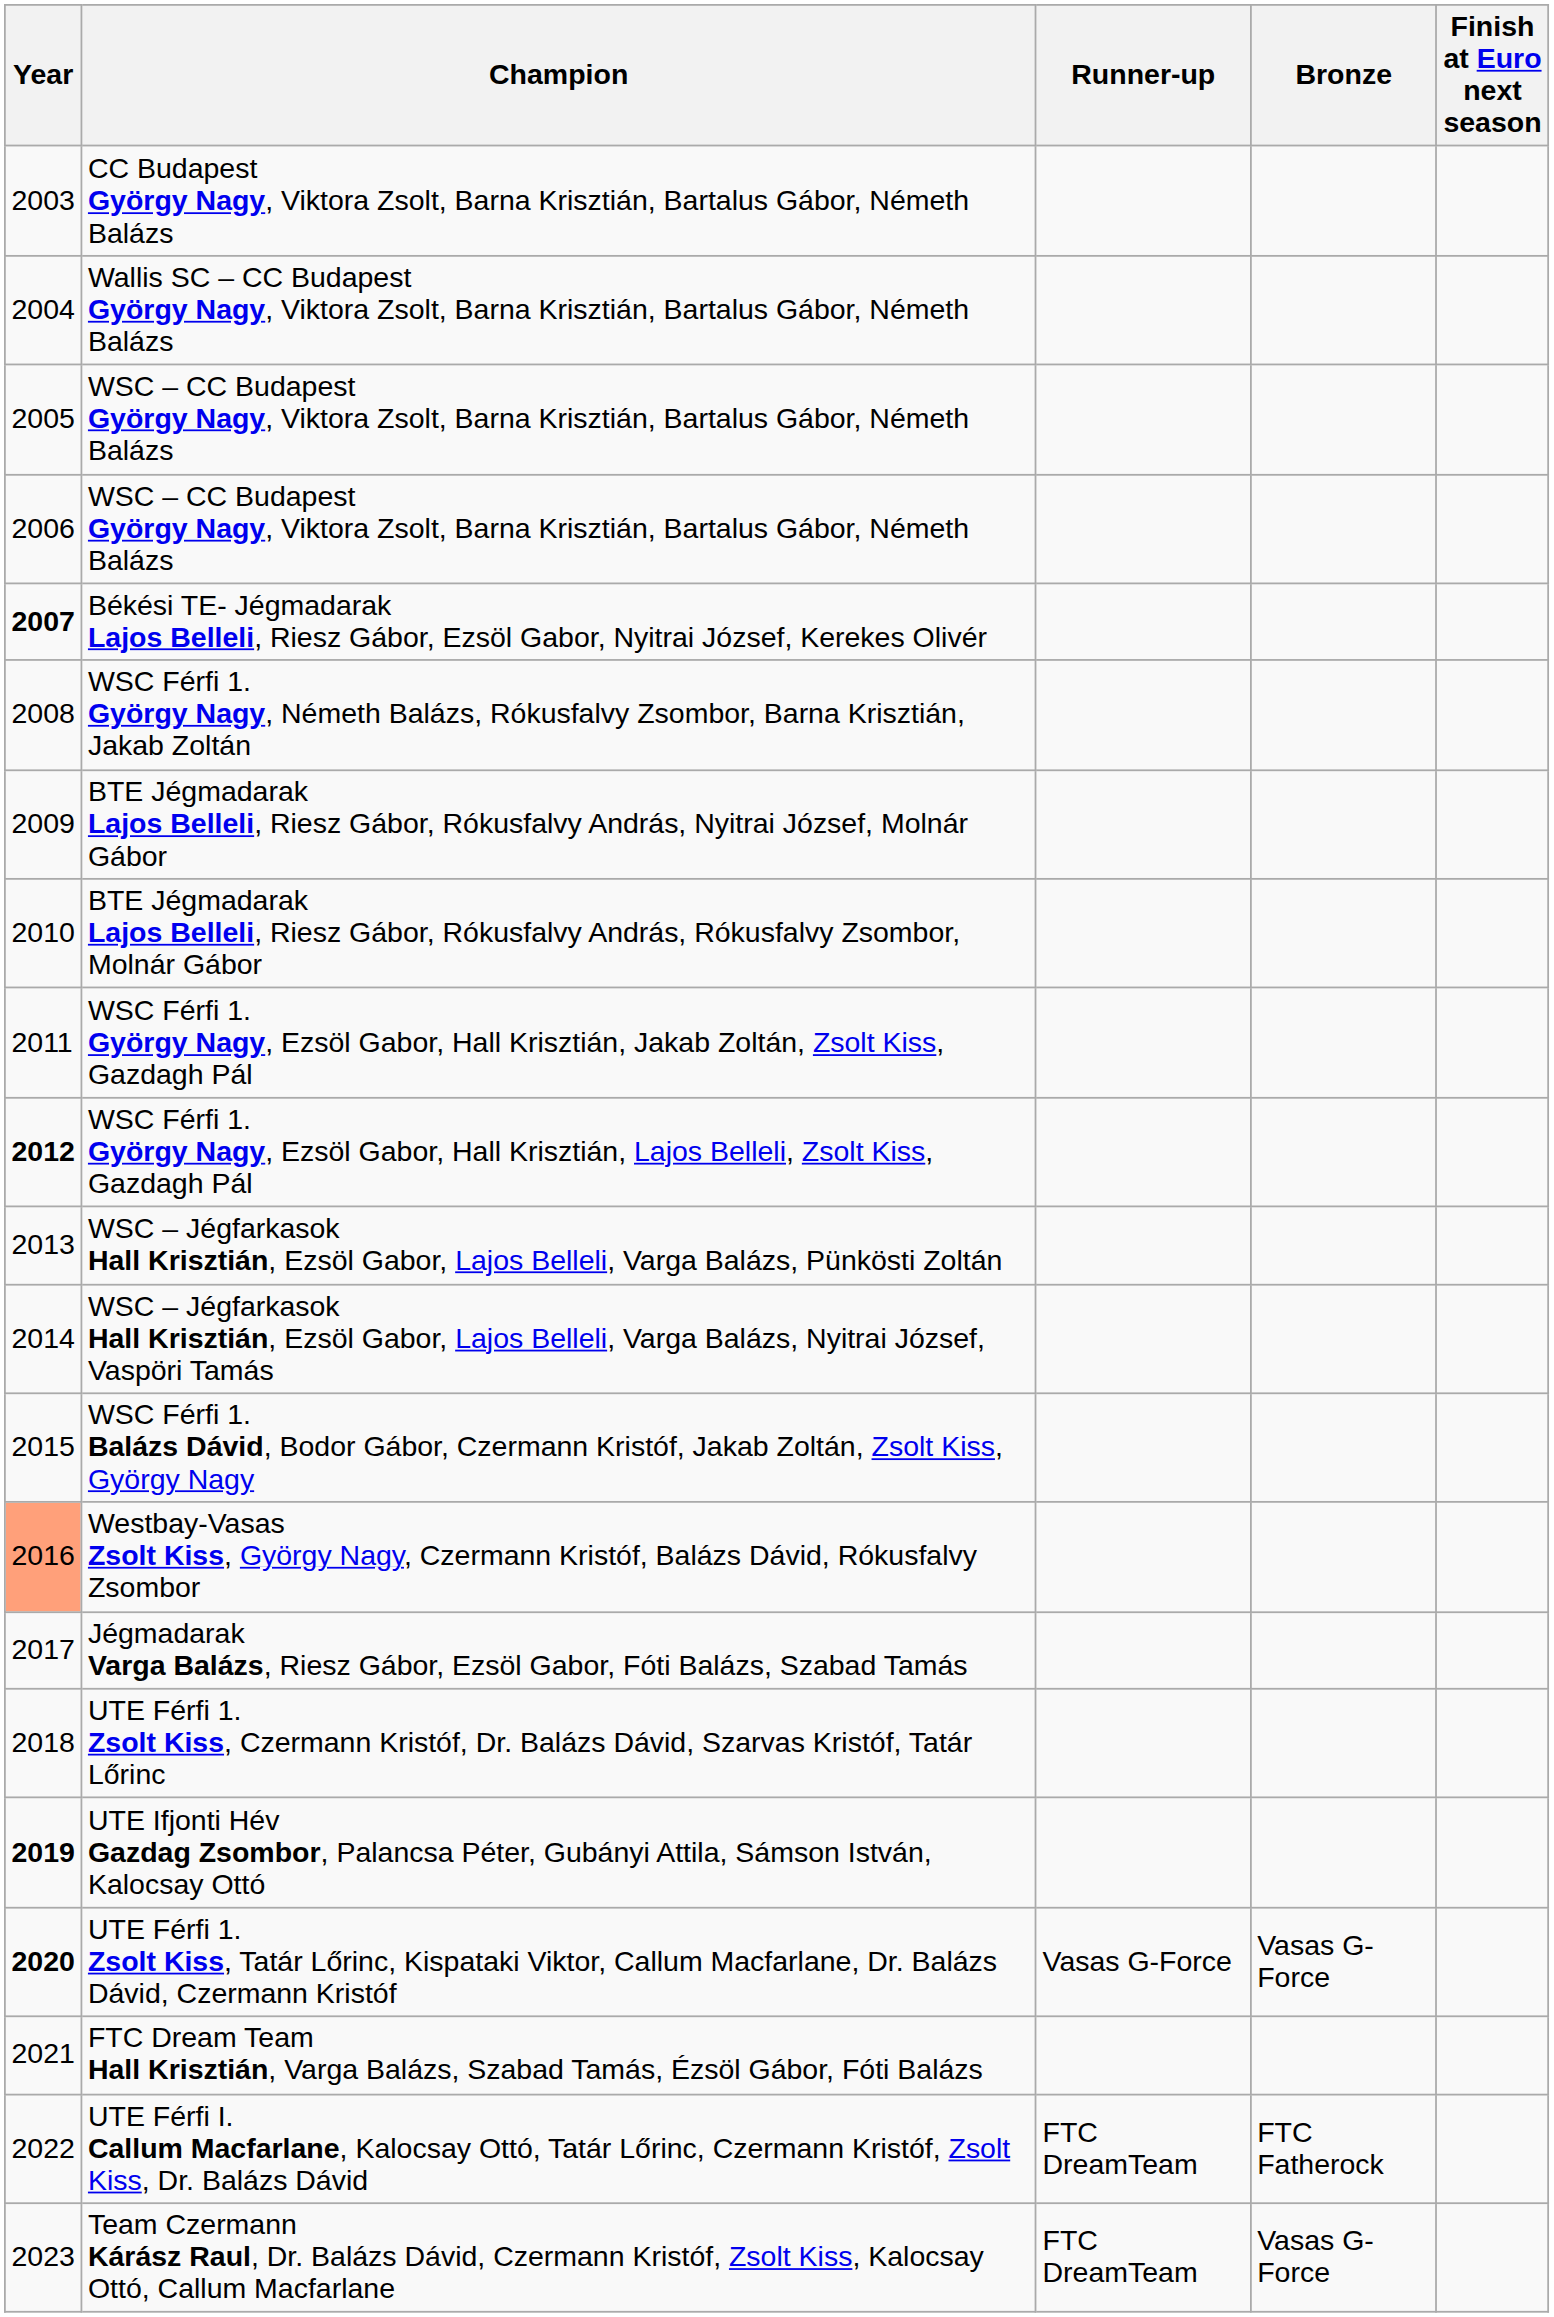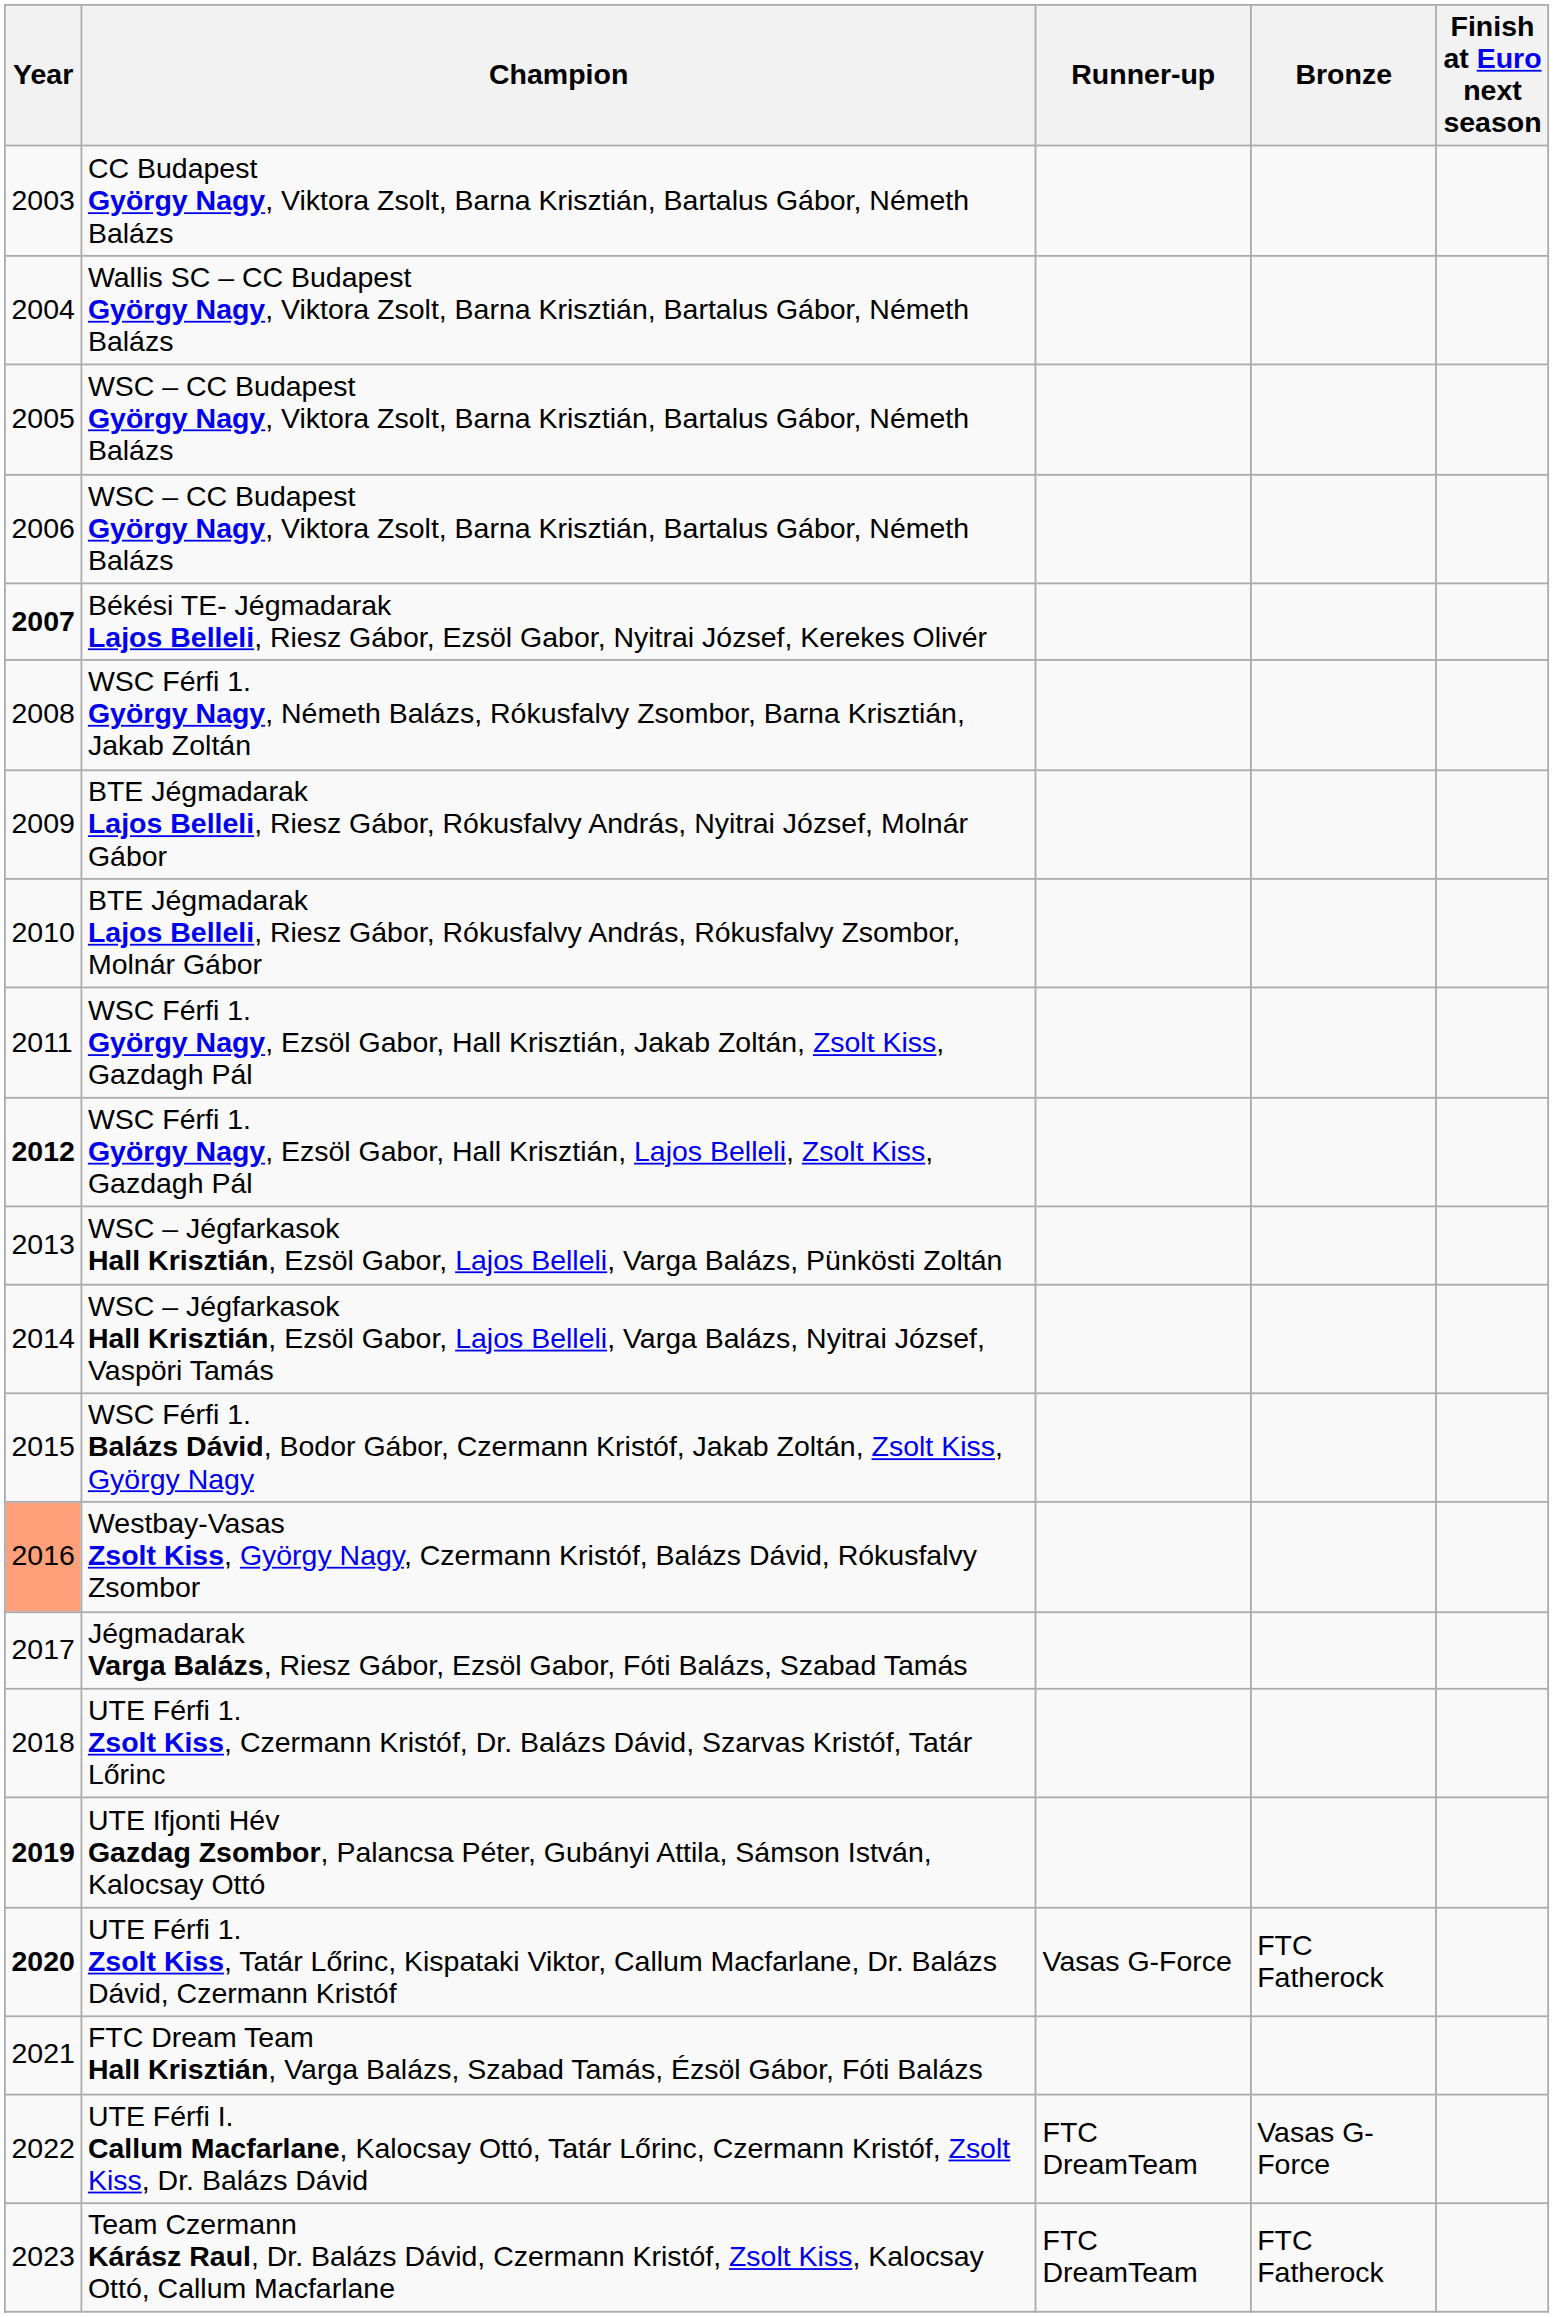 <table class="wikitable" border="1">
 <tr>
 <th>Year</th>
 <th>Champion</th>
 <th>Runner-up</th>
 <th>Bronze</th>
 <th>Finish<br>at <a href='#'>Euro</a><br>next<br>season</th>
 </tr>
 <tr>
 <td>2003</td>
 <td>CC Budapest<br><strong><a href='#'>György Nagy</a></strong>, Viktora Zsolt, Barna Krisztián, Bartalus Gábor, Németh Balázs</td>
 <td></td>
 <td></td>
 <td></td>
 </tr>
 <tr>
 <td>2004</td>
 <td>Wallis SC – CC Budapest<br><strong><a href='#'>György Nagy</a></strong>, Viktora Zsolt, Barna Krisztián, Bartalus Gábor, Németh Balázs</td>
 <td></td>
 <td></td>
 <td></td>
 </tr>
 <tr>
 <td>2005</td>
 <td>WSC – CC Budapest<br><strong><a href='#'>György Nagy</a></strong>, Viktora Zsolt, Barna Krisztián, Bartalus Gábor, Németh Balázs</td>
 <td></td>
 <td></td>
 <td></td>
 </tr>
 <tr>
 <td>2006</td>
 <td>WSC – CC Budapest<br><strong><a href='#'>György Nagy</a></strong>, Viktora Zsolt, Barna Krisztián, Bartalus Gábor, Németh Balázs</td>
 <td></td>
 <td></td>
 <td></td>
 </tr>
 <tr>
 <td><strong>2007</strong></td>
 <td>Békési TE- Jégmadarak<br><strong><a href='#'>Lajos Belleli</a></strong>, Riesz Gábor, Ezsöl Gabor, Nyitrai József, Kerekes Olivér</td>
 <td></td>
 <td></td>
 <td></td>
 </tr>
 <tr>
 <td>2008</td>
 <td>WSC Férfi 1.<br><strong><a href='#'>György Nagy</a></strong>, Németh Balázs, Rókusfalvy Zsombor, Barna Krisztián, Jakab Zoltán</td>
 <td></td>
 <td></td>
 <td></td>
 </tr>
 <tr>
 <td>2009</td>
 <td>BTE Jégmadarak<br><strong><a href='#'>Lajos Belleli</a></strong>, Riesz Gábor, Rókusfalvy András, Nyitrai József, Molnár Gábor</td>
 <td></td>
 <td></td>
 <td></td>
 </tr>
 <tr>
 <td>2010</td>
 <td>BTE Jégmadarak<br><strong><a href='#'>Lajos Belleli</a></strong>, Riesz Gábor, Rókusfalvy András, Rókusfalvy Zsombor, Molnár Gábor</td>
 <td></td>
 <td></td>
 <td></td>
 </tr>
 <tr>
 <td>2011</td>
 <td>WSC Férfi 1.<br><strong><a href='#'>György Nagy</a></strong>, Ezsöl Gabor, Hall Krisztián, Jakab Zoltán, <a href='#'>Zsolt Kiss</a>, Gazdagh Pál</td>
 <td></td>
 <td></td>
 <td></td>
 </tr>
 <tr>
 <td><strong>2012</strong></td>
 <td>WSC Férfi 1.<br><strong><a href='#'>György Nagy</a></strong>, Ezsöl Gabor, Hall Krisztián, <a href='#'>Lajos Belleli</a>, <a href='#'>Zsolt Kiss</a>, Gazdagh Pál</td>
 <td></td>
 <td></td>
 <td></td>
 </tr>
 <tr>
 <td>2013</td>
 <td>WSC – Jégfarkasok<br><strong>Hall Krisztián</strong>, Ezsöl Gabor, <a href='#'>Lajos Belleli</a>, Varga Balázs, Pünkösti Zoltán</td>
 <td></td>
 <td></td>
 <td></td>
 </tr>
 <tr>
 <td>2014</td>
 <td>WSC – Jégfarkasok<br><strong>Hall Krisztián</strong>, Ezsöl Gabor, <a href='#'>Lajos Belleli</a>, Varga Balázs, Nyitrai József, Vaspöri Tamás</td>
 <td></td>
 <td></td>
 <td></td>
 </tr>
 <tr>
 <td>2015</td>
 <td>WSC Férfi 1.<br><strong>Balázs Dávid</strong>, Bodor Gábor, Czermann Kristóf, Jakab Zoltán, <a href='#'>Zsolt Kiss</a>, <a href='#'>György Nagy</a></td>
 <td></td>
 <td></td>
 <td></td>
 </tr>
 <tr>
 <td style="background: lightsalmon;">2016</td>
 <td>Westbay-Vasas<br><strong><a href='#'>Zsolt Kiss</a></strong>, <a href='#'>György Nagy</a>, Czermann Kristóf, Balázs Dávid, Rókusfalvy Zsombor</td>
 <td></td>
 <td></td>
 <td></td>
 </tr>
 <tr>
 <td>2017</td>
 <td>Jégmadarak<br><strong>Varga Balázs</strong>, Riesz Gábor, Ezsöl Gabor, Fóti Balázs, Szabad Tamás</td>
 <td></td>
 <td></td>
 <td></td>
 </tr>
 <tr>
 <td>2018</td>
 <td>UTE Férfi 1.<br><strong><a href='#'>Zsolt Kiss</a></strong>, Czermann Kristóf, Dr. Balázs Dávid, Szarvas Kristóf, Tatár Lőrinc</td>
 <td></td>
 <td></td>
 <td></td>
 </tr>
 <tr>
 <td><strong>2019</strong></td>
 <td>UTE Ifjonti Hév<br><strong>Gazdag Zsombor</strong>, Palancsa Péter, Gubányi Attila, Sámson István, Kalocsay Ottó</td>
 <td></td>
 <td></td>
 <td></td>
 </tr>
 <tr>
 <td><strong>2020</strong></td>
 <td>UTE Férfi 1.<br><strong><a href='#'>Zsolt Kiss</a></strong>, Tatár Lőrinc, Kispataki Viktor, Callum Macfarlane, Dr. Balázs Dávid, Czermann Kristóf</td>
 <td>Vasas G-Force</td>
-<td>Vasas G-Force</td>
+<td>FTC Fatherock</td>
 <td></td>
 </tr>
 <tr>
 <td>2021</td>
 <td>FTC Dream Team<br><strong>Hall Krisztián</strong>, Varga Balázs, Szabad Tamás, Ézsöl Gábor, Fóti Balázs</td>
 <td></td>
 <td></td>
 <td></td>
 </tr>
 <tr>
 <td>2022</td>
 <td>UTE Férfi I.<br><strong>Callum Macfarlane</strong>, Kalocsay Ottó, Tatár Lőrinc, Czermann Kristóf, <a href='#'>Zsolt Kiss</a>, Dr. Balázs Dávid</td>
 <td>FTC DreamTeam</td>
-<td>FTC Fatherock</td>
+<td>Vasas G-Force</td>
 <td></td>
 </tr>
 <tr>
 <td>2023</td>
 <td>Team Czermann<br><strong>Kárász Raul</strong>, Dr. Balázs Dávid, Czermann Kristóf, <a href='#'>Zsolt Kiss</a>, Kalocsay Ottó, Callum Macfarlane</td>
 <td>FTC DreamTeam</td>
-<td>Vasas G-Force</td>
+<td>FTC Fatherock</td>
 <td></td>
 </tr>
 </table>
